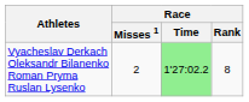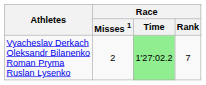 <table class="wikitable" border="1" style="font-size:90%">
 <tr>
 <th rowspan=2>Athletes</th>
 <th colspan=3>Race</th>
 </tr>
 <tr>
 <th>Misses <sup>1</sup></th>
 <th>Time</th>
 <th>Rank</th>
 </tr>
 <tr>
 <td><a href='#'>Vyacheslav Derkach</a><br><a href='#'>Oleksandr Bilanenko</a><br><a href='#'>Roman Pryma</a><br><a href='#'>Ruslan Lysenko</a></td>
 <td align=center>2</td>
 <td align=center style="background: lightgreen;">1'27:02.2</td>
-<td align=center>8</td>
+<td align=center>7</td>
 </tr>
 </table>
